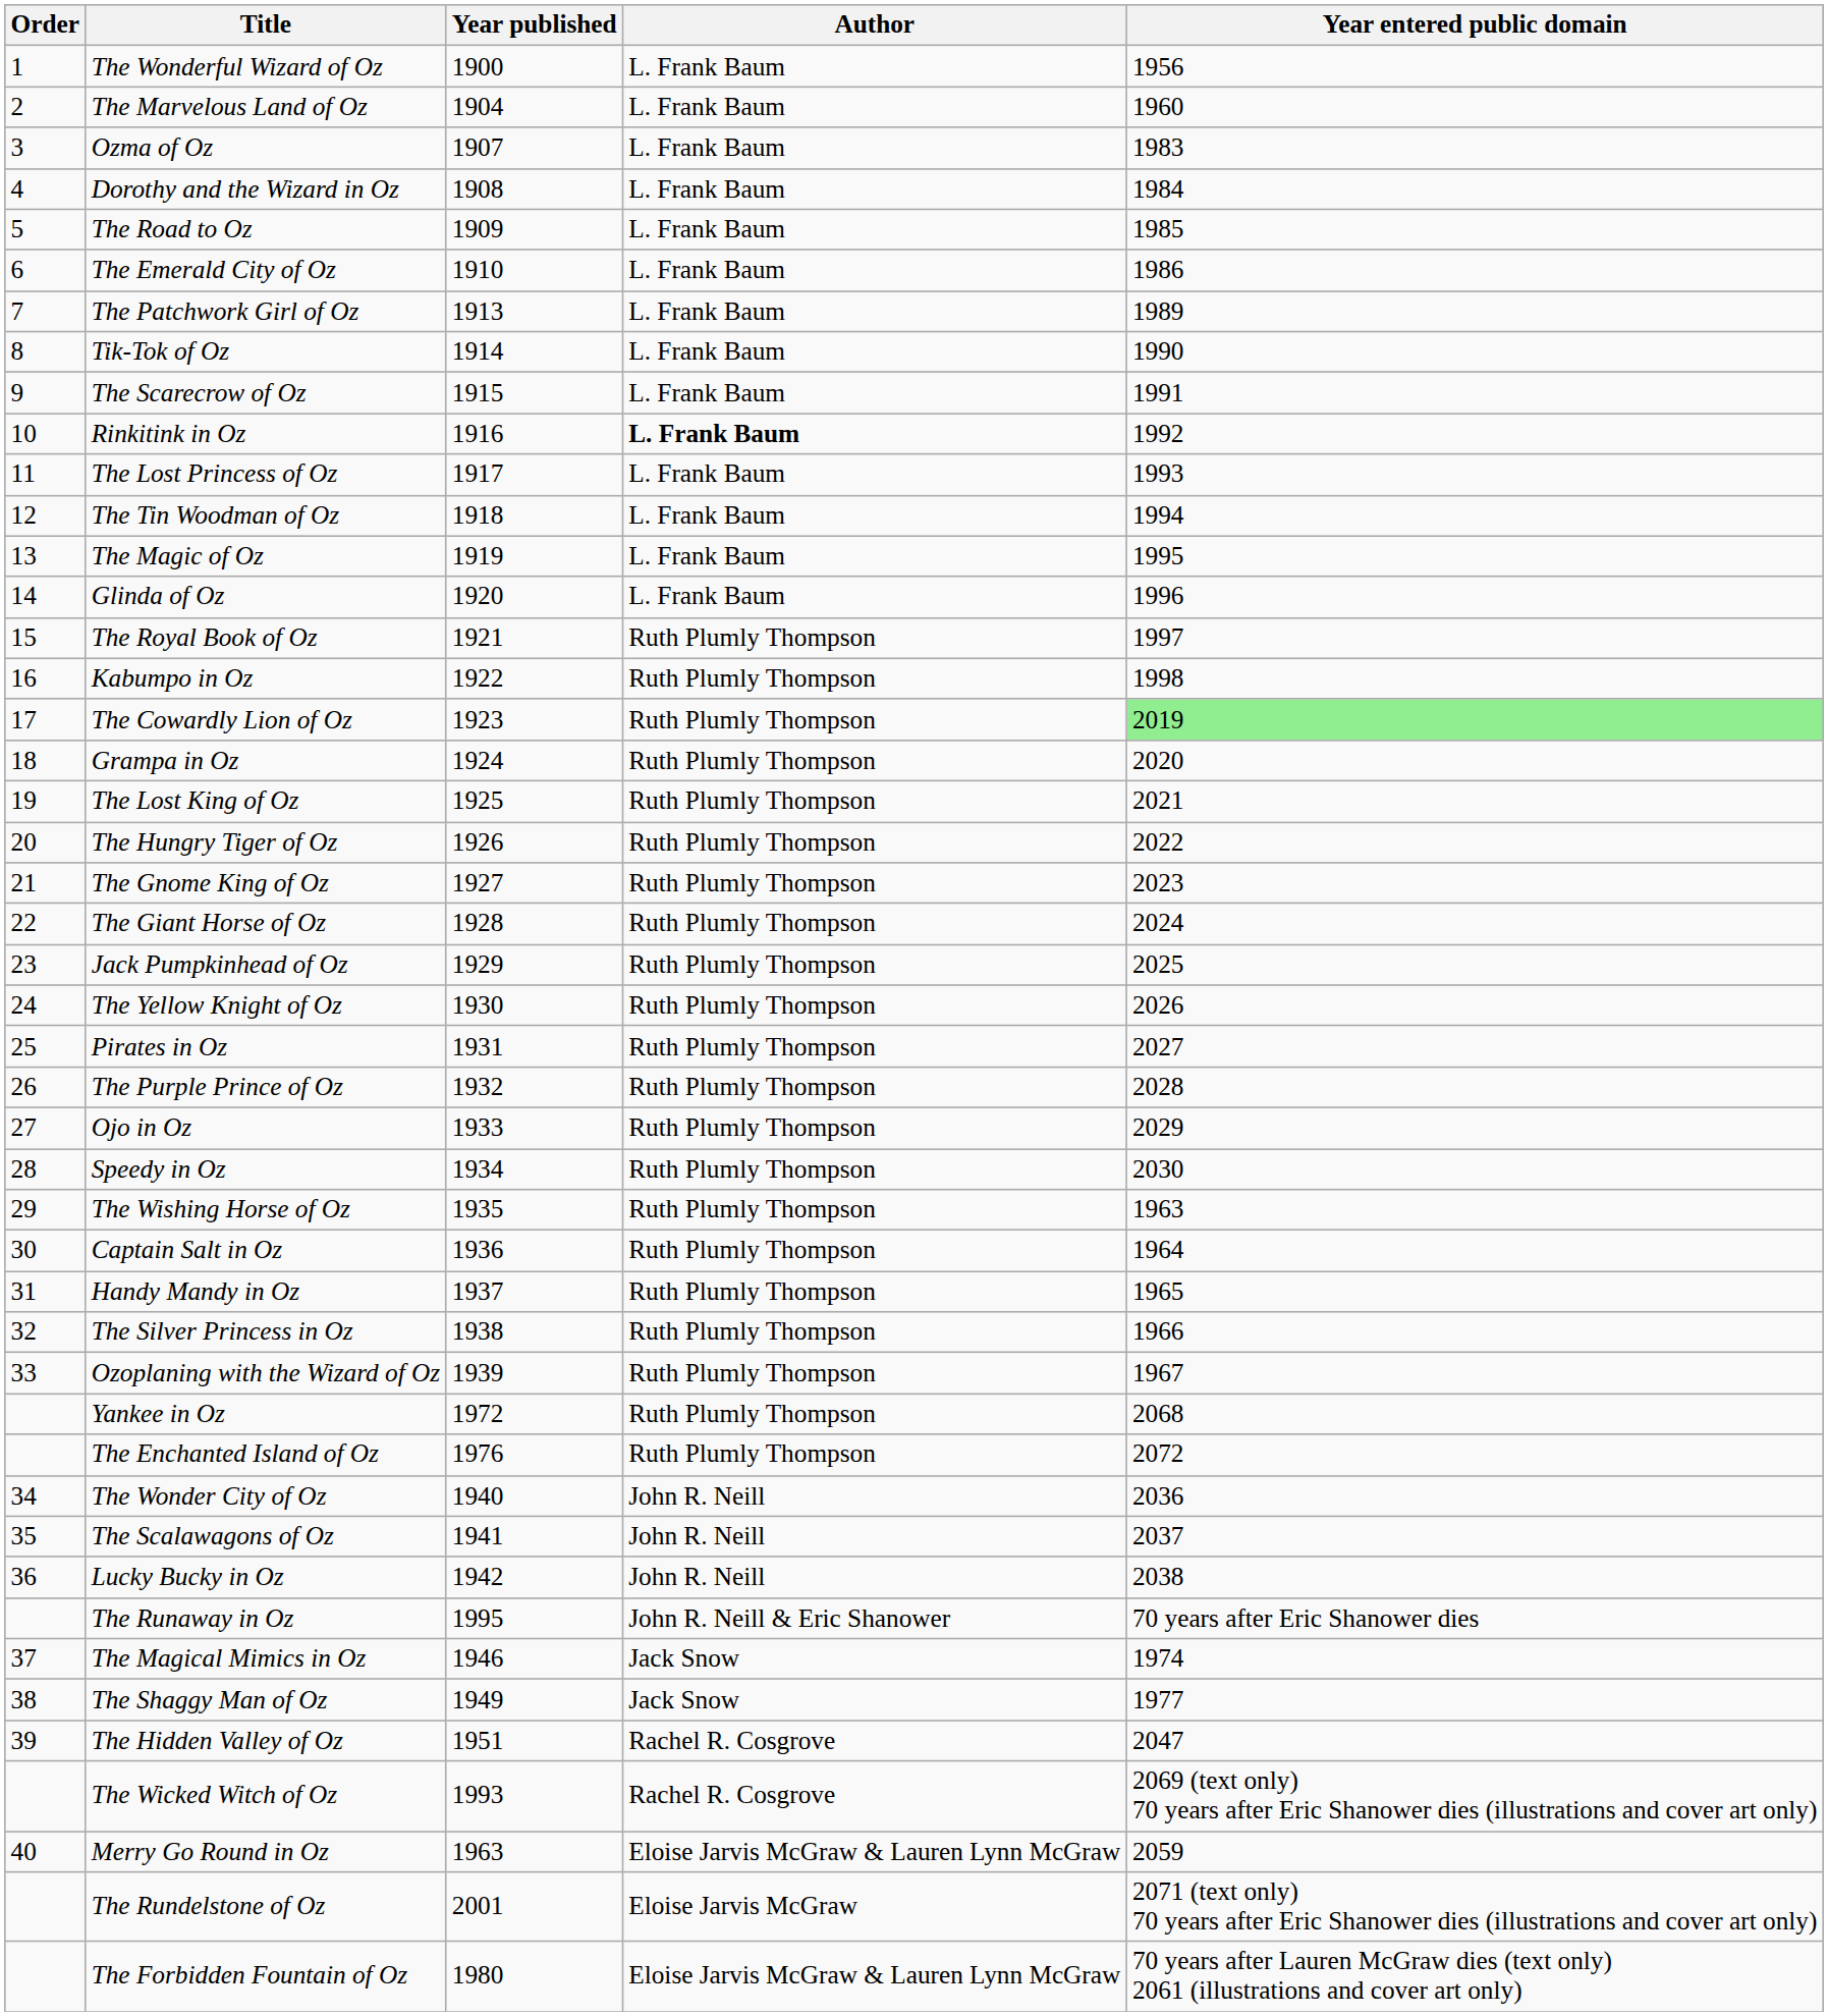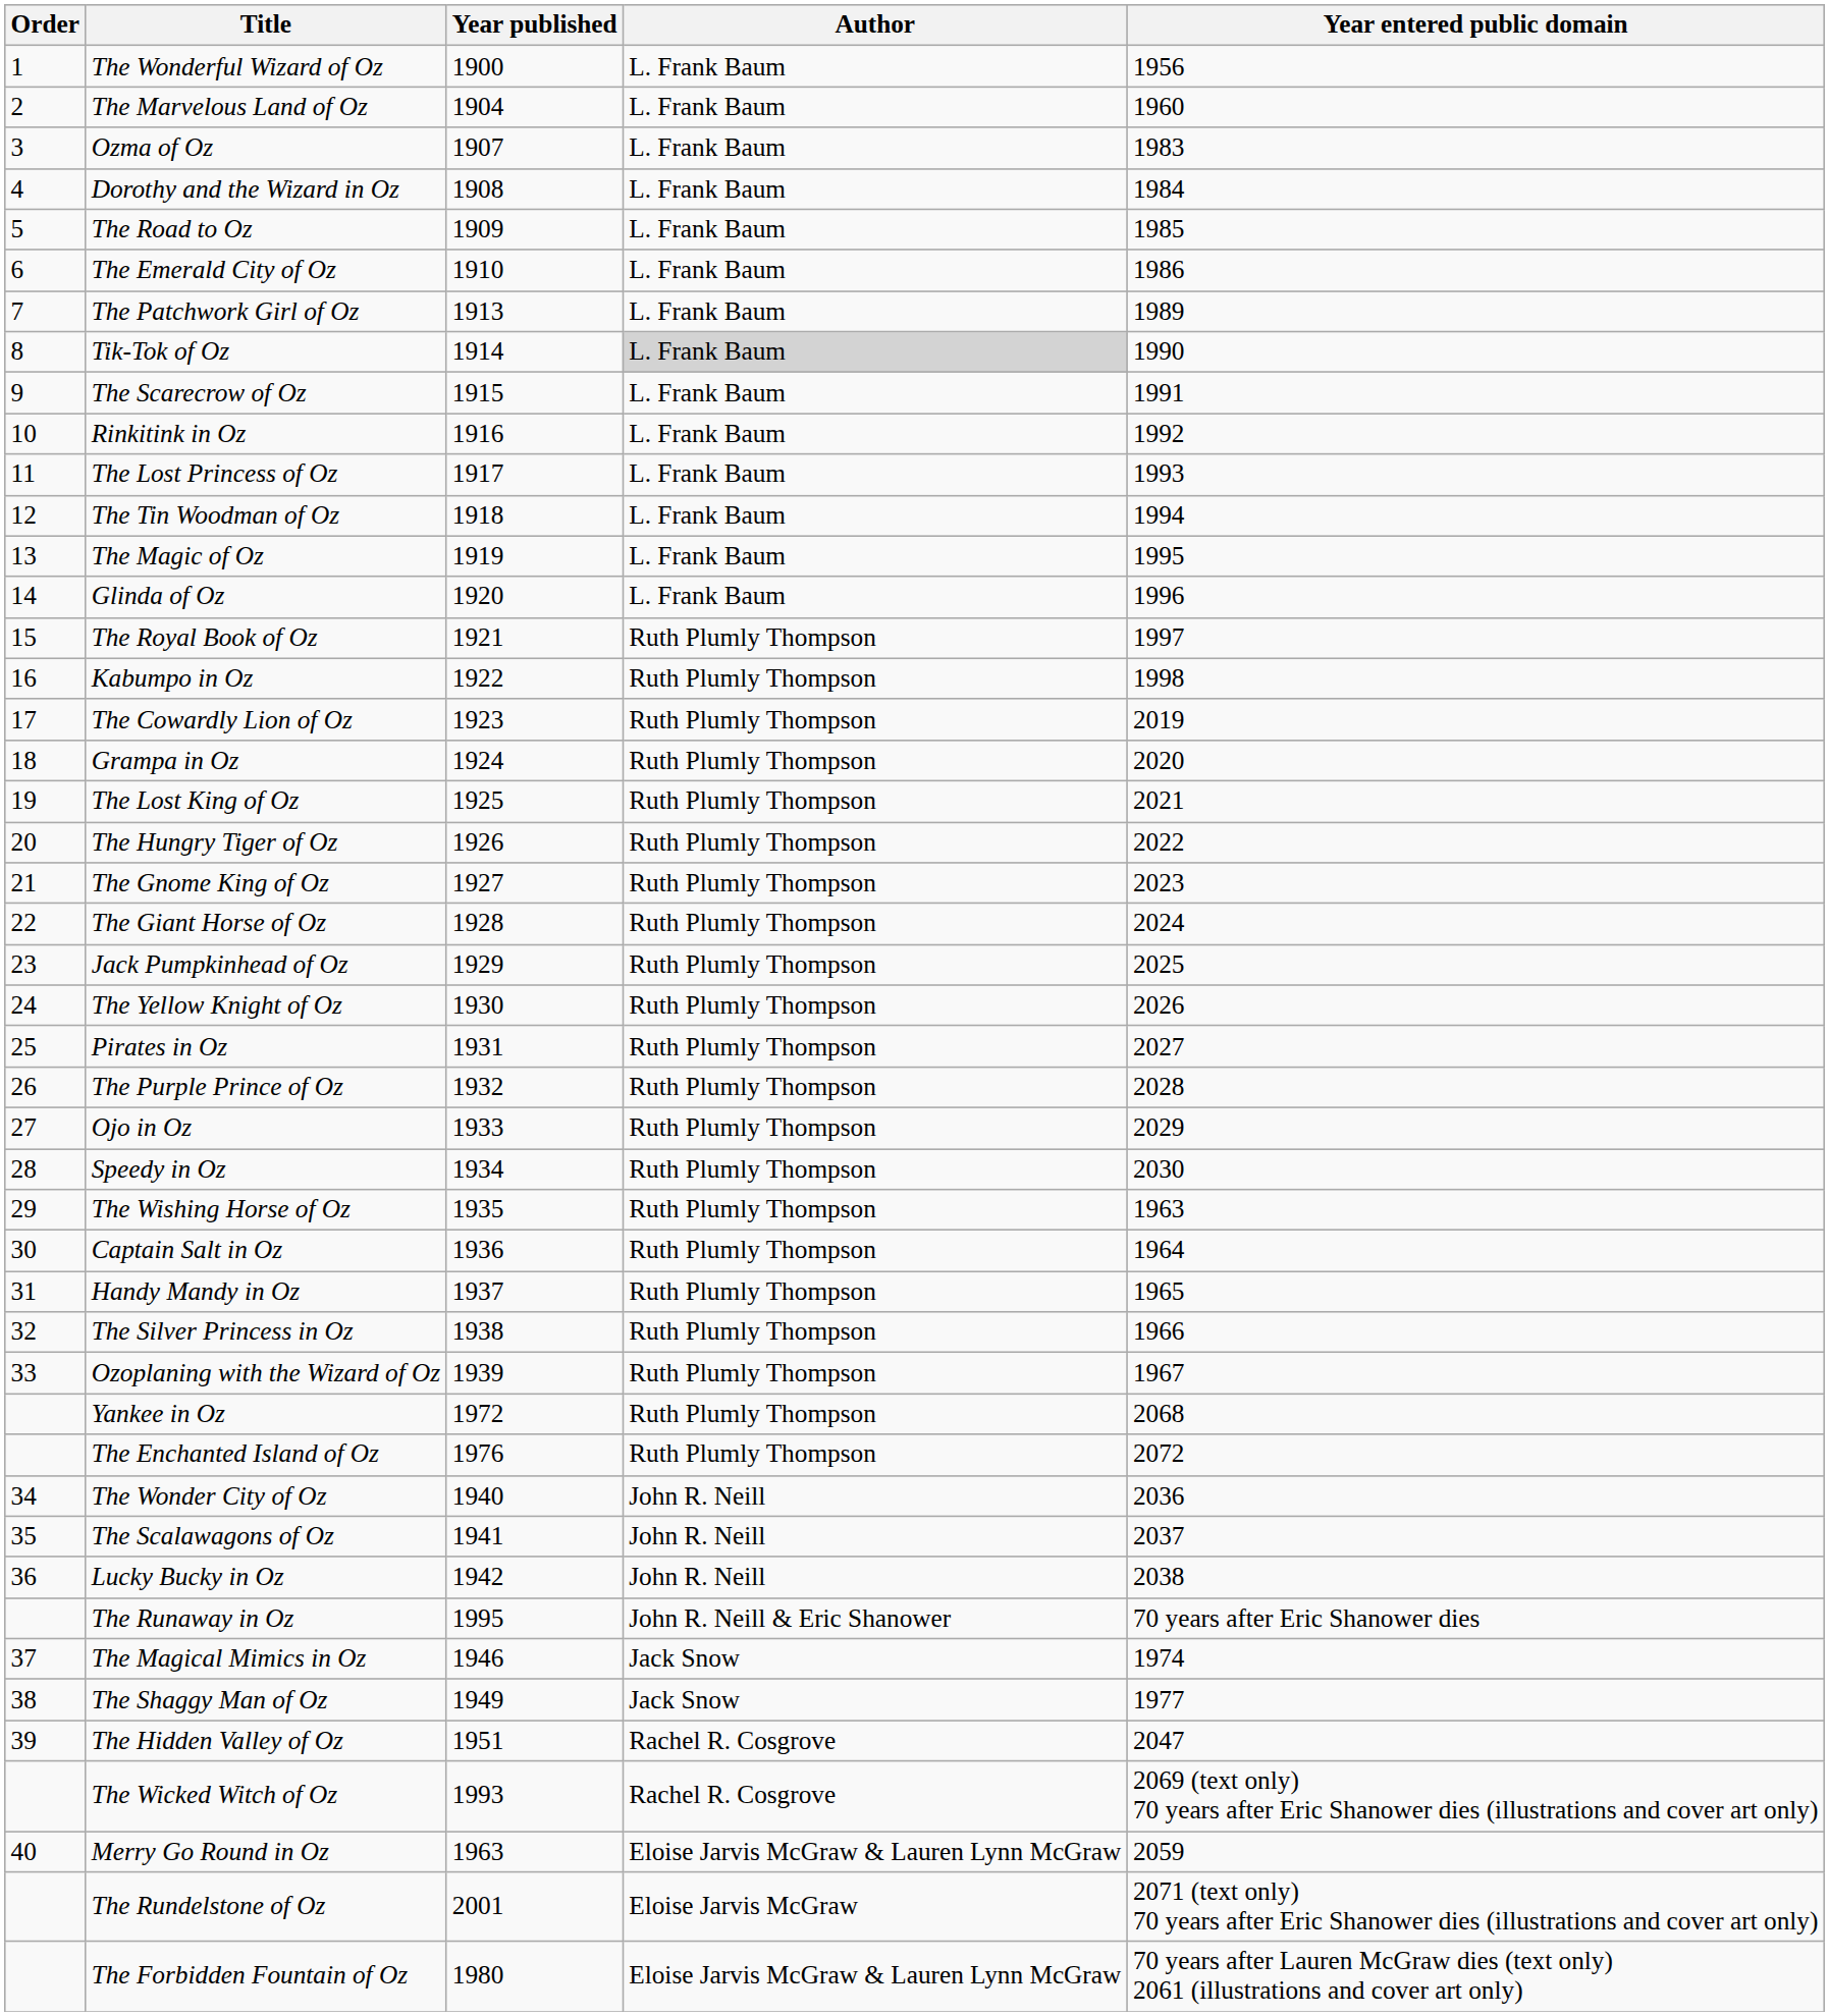 <table class="sortable wikitable" border="1">
 <tr>
 <th>Order</th>
 <th>Title</th>
 <th>Year published</th>
 <th>Author</th>
 <th>Year entered public domain</th>
 </tr>
 <tr>
 <td>1</td>
 <td><em>The Wonderful Wizard of Oz</em></td>
 <td>1900</td>
 <td>L. Frank Baum</td>
 <td>1956</td>
 </tr>
 <tr>
 <td>2</td>
 <td><em>The Marvelous Land of Oz</em></td>
 <td>1904</td>
 <td>L. Frank Baum</td>
 <td>1960</td>
 </tr>
 <tr>
 <td>3</td>
 <td><em>Ozma of Oz</em></td>
 <td>1907</td>
 <td>L. Frank Baum</td>
 <td>1983</td>
 </tr>
 <tr>
 <td>4</td>
 <td><em>Dorothy and the Wizard in Oz</em></td>
 <td>1908</td>
 <td>L. Frank Baum</td>
 <td>1984</td>
 </tr>
 <tr>
 <td>5</td>
 <td><em>The Road to Oz</em></td>
 <td>1909</td>
 <td>L. Frank Baum</td>
 <td>1985</td>
 </tr>
 <tr>
 <td>6</td>
 <td><em>The Emerald City of Oz</em></td>
 <td>1910</td>
 <td>L. Frank Baum</td>
 <td>1986</td>
 </tr>
 <tr>
 <td>7</td>
 <td><em>The Patchwork Girl of Oz</em></td>
 <td>1913</td>
 <td>L. Frank Baum</td>
 <td>1989</td>
 </tr>
 <tr>
 <td>8</td>
 <td><em>Tik-Tok of Oz</em></td>
 <td>1914</td>
-<td>L. Frank Baum</td>
+<td style="background: lightgrey;">L. Frank Baum</td>
 <td>1990</td>
 </tr>
 <tr>
 <td>9</td>
 <td><em>The Scarecrow of Oz</em></td>
 <td>1915</td>
 <td>L. Frank Baum</td>
 <td>1991</td>
 </tr>
 <tr>
 <td>10</td>
 <td><em>Rinkitink in Oz</em></td>
 <td>1916</td>
-<td><strong>L. Frank Baum</strong></td>
+<td>L. Frank Baum</td>
 <td>1992</td>
 </tr>
 <tr>
 <td>11</td>
 <td><em>The Lost Princess of Oz</em></td>
 <td>1917</td>
 <td>L. Frank Baum</td>
 <td>1993</td>
 </tr>
 <tr>
 <td>12</td>
 <td><em>The Tin Woodman of Oz</em></td>
 <td>1918</td>
 <td>L. Frank Baum</td>
 <td>1994</td>
 </tr>
 <tr>
 <td>13</td>
 <td><em>The Magic of Oz</em></td>
 <td>1919</td>
 <td>L. Frank Baum</td>
 <td>1995</td>
 </tr>
 <tr>
 <td>14</td>
 <td><em>Glinda of Oz</em></td>
 <td>1920</td>
 <td>L. Frank Baum</td>
 <td>1996</td>
 </tr>
 <tr>
 <td>15</td>
 <td><em>The Royal Book of Oz</em></td>
 <td>1921</td>
 <td>Ruth Plumly Thompson</td>
 <td>1997</td>
 </tr>
 <tr>
 <td>16</td>
 <td><em>Kabumpo in Oz</em></td>
 <td>1922</td>
 <td>Ruth Plumly Thompson</td>
 <td>1998</td>
 </tr>
 <tr>
 <td>17</td>
 <td><em>The Cowardly Lion of Oz</em></td>
 <td>1923</td>
 <td>Ruth Plumly Thompson</td>
-<td style="background: lightgreen;">2019</td>
+<td>2019</td>
 </tr>
 <tr>
 <td>18</td>
 <td><em>Grampa in Oz</em></td>
 <td>1924</td>
 <td>Ruth Plumly Thompson</td>
 <td>2020</td>
 </tr>
 <tr>
 <td>19</td>
 <td><em>The Lost King of Oz</em></td>
 <td>1925</td>
 <td>Ruth Plumly Thompson</td>
 <td>2021</td>
 </tr>
 <tr>
 <td>20</td>
 <td><em>The Hungry Tiger of Oz</em></td>
 <td>1926</td>
 <td>Ruth Plumly Thompson</td>
 <td>2022</td>
 </tr>
 <tr>
 <td>21</td>
 <td><em>The Gnome King of Oz</em></td>
 <td>1927</td>
 <td>Ruth Plumly Thompson</td>
 <td>2023</td>
 </tr>
 <tr>
 <td>22</td>
 <td><em>The Giant Horse of Oz</em></td>
 <td>1928</td>
 <td>Ruth Plumly Thompson</td>
 <td>2024</td>
 </tr>
 <tr>
 <td>23</td>
 <td><em>Jack Pumpkinhead of Oz</em></td>
 <td>1929</td>
 <td>Ruth Plumly Thompson</td>
 <td>2025</td>
 </tr>
 <tr>
 <td>24</td>
 <td><em>The Yellow Knight of Oz</em></td>
 <td>1930</td>
 <td>Ruth Plumly Thompson</td>
 <td>2026</td>
 </tr>
 <tr>
 <td>25</td>
 <td><em>Pirates in Oz</em></td>
 <td>1931</td>
 <td>Ruth Plumly Thompson</td>
 <td>2027</td>
 </tr>
 <tr>
 <td>26</td>
 <td><em>The Purple Prince of Oz</em></td>
 <td>1932</td>
 <td>Ruth Plumly Thompson</td>
 <td>2028</td>
 </tr>
 <tr>
 <td>27</td>
 <td><em>Ojo in Oz</em></td>
 <td>1933</td>
 <td>Ruth Plumly Thompson</td>
 <td>2029</td>
 </tr>
 <tr>
 <td>28</td>
 <td><em>Speedy in Oz</em></td>
 <td>1934</td>
 <td>Ruth Plumly Thompson</td>
 <td>2030</td>
 </tr>
 <tr>
 <td>29</td>
 <td><em>The Wishing Horse of Oz</em></td>
 <td>1935</td>
 <td>Ruth Plumly Thompson</td>
 <td>1963</td>
 </tr>
 <tr>
 <td>30</td>
 <td><em>Captain Salt in Oz</em></td>
 <td>1936</td>
 <td>Ruth Plumly Thompson</td>
 <td>1964</td>
 </tr>
 <tr>
 <td>31</td>
 <td><em>Handy Mandy in Oz</em></td>
 <td>1937</td>
 <td>Ruth Plumly Thompson</td>
 <td>1965</td>
 </tr>
 <tr>
 <td>32</td>
 <td><em>The Silver Princess in Oz</em></td>
 <td>1938</td>
 <td>Ruth Plumly Thompson</td>
 <td>1966</td>
 </tr>
 <tr>
 <td>33</td>
 <td><em>Ozoplaning with the Wizard of Oz</em></td>
 <td>1939</td>
 <td>Ruth Plumly Thompson</td>
 <td>1967</td>
 </tr>
 <tr>
 <td></td>
 <td><em>Yankee in Oz</em></td>
 <td>1972</td>
 <td>Ruth Plumly Thompson</td>
 <td>2068</td>
 </tr>
 <tr>
 <td></td>
 <td><em>The Enchanted Island of Oz</em></td>
 <td>1976</td>
 <td>Ruth Plumly Thompson</td>
 <td>2072</td>
 </tr>
 <tr>
 <td>34</td>
 <td><em>The Wonder City of Oz</em></td>
 <td>1940</td>
 <td>John R. Neill</td>
 <td>2036</td>
 </tr>
 <tr>
 <td>35</td>
 <td><em>The Scalawagons of Oz</em></td>
 <td>1941</td>
 <td>John R. Neill</td>
 <td>2037</td>
 </tr>
 <tr>
 <td>36</td>
 <td><em>Lucky Bucky in Oz</em></td>
 <td>1942</td>
 <td>John R. Neill</td>
 <td>2038</td>
 </tr>
 <tr>
 <td></td>
 <td><em>The Runaway in Oz</em></td>
 <td>1995</td>
 <td>John R. Neill & Eric Shanower</td>
 <td>70 years after Eric Shanower dies</td>
 </tr>
 <tr>
 <td>37</td>
 <td><em>The Magical Mimics in Oz</em></td>
 <td>1946</td>
 <td>Jack Snow</td>
 <td>1974</td>
 </tr>
 <tr>
 <td>38</td>
 <td><em>The Shaggy Man of Oz</em></td>
 <td>1949</td>
 <td>Jack Snow</td>
 <td>1977</td>
 </tr>
 <tr>
 <td>39</td>
 <td><em>The Hidden Valley of Oz</em></td>
 <td>1951</td>
 <td>Rachel R. Cosgrove</td>
 <td>2047</td>
 </tr>
 <tr>
 <td></td>
 <td><em>The Wicked Witch of Oz</em></td>
 <td>1993</td>
 <td>Rachel R. Cosgrove</td>
 <td>2069 (text only)<br>70 years after Eric Shanower dies (illustrations and cover art only)</td>
 </tr>
 <tr>
 <td>40</td>
 <td><em>Merry Go Round in Oz</em></td>
 <td>1963</td>
 <td>Eloise Jarvis McGraw & Lauren Lynn McGraw</td>
 <td>2059</td>
 </tr>
 <tr>
 <td></td>
 <td><em>The Rundelstone of Oz</em></td>
 <td>2001</td>
 <td>Eloise Jarvis McGraw</td>
 <td>2071 (text only)<br>70 years after Eric Shanower dies (illustrations and cover art only)</td>
 </tr>
 <tr>
 <td></td>
 <td><em>The Forbidden Fountain of Oz</em></td>
 <td>1980</td>
 <td>Eloise Jarvis McGraw & Lauren Lynn McGraw</td>
 <td>70 years after Lauren McGraw dies (text only)<br>2061 (illustrations and cover art only)</td>
 </tr>
 </table>
